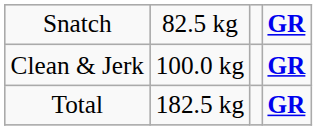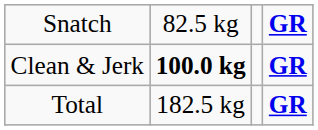 <table class = "wikitable" style="text-align:center;">
 <tr>
 <td>Snatch</td>
 <td>82.5 kg</td>
 <td align=left></td>
 <td><strong><a href='#'>GR</a></strong></td>
 </tr>
 <tr>
 <td>Clean & Jerk</td>
-<td>100.0 kg</td>
+<td><strong>100.0 kg</strong></td>
 <td align=left></td>
 <td><strong><a href='#'>GR</a></strong></td>
 </tr>
 <tr>
 <td>Total</td>
 <td>182.5 kg</td>
 <td align=left></td>
 <td><strong><a href='#'>GR</a></strong></td>
 </tr>
 </table>
